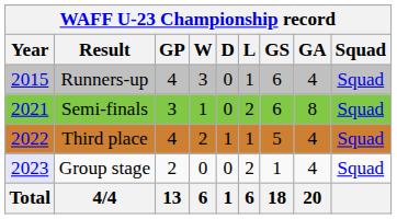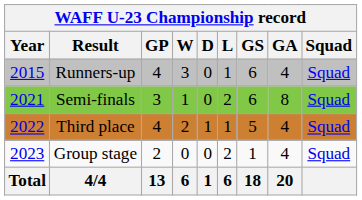 <table class="wikitable" style="text-align: center;">
 <tr>
 <th colspan="9"><a href='#'>WAFF U-23 Championship</a> record</th>
 </tr>
 <tr>
 <th>Year</th>
 <th>Result</th>
 <th>GP</th>
 <th>W</th>
 <th>D</th>
 <th>L</th>
 <th>GS</th>
 <th>GA</th>
 <th>Squad</th>
 </tr>
 <tr style="background:silver;">
 <td> <a href='#'>2015</a></td>
 <td>Runners-up</td>
 <td>4</td>
 <td>3</td>
 <td>0</td>
 <td>1</td>
 <td>6</td>
 <td>4</td>
 <td><a href='#'>Squad</a></td>
 </tr>
 <tr bgcolor="#81c846">
 <td> <a href='#'>2021</a></td>
 <td>Semi-finals</td>
 <td>3</td>
 <td>1</td>
 <td>0</td>
 <td>2</td>
 <td>6</td>
 <td>8</td>
 <td><a href='#'>Squad</a></td>
 </tr>
 <tr bgcolor=CD7F32>
 <td> <a href='#'>2022</a></td>
 <td>Third place</td>
 <td>4</td>
 <td>2</td>
 <td>1</td>
 <td>1</td>
 <td>5</td>
 <td>4</td>
 <td><a href='#'>Squad</a></td>
 </tr>
 <tr>
-<td style="background: lavender;"> <a href='#'>2023</a></td>
+<td> <a href='#'>2023</a></td>
 <td>Group stage</td>
 <td>2</td>
 <td>0</td>
 <td>0</td>
 <td>2</td>
 <td>1</td>
 <td>4</td>
 <td><a href='#'>Squad</a></td>
 </tr>
 <tr style="background:#f0f0f0;font-weight:bold;">
 <th>Total</th>
 <th>4/4</th>
 <th>13</th>
 <th>6</th>
 <th>1</th>
 <th>6</th>
 <th>18</th>
 <th>20</th>
 <th></th>
 </tr>
 </table>
